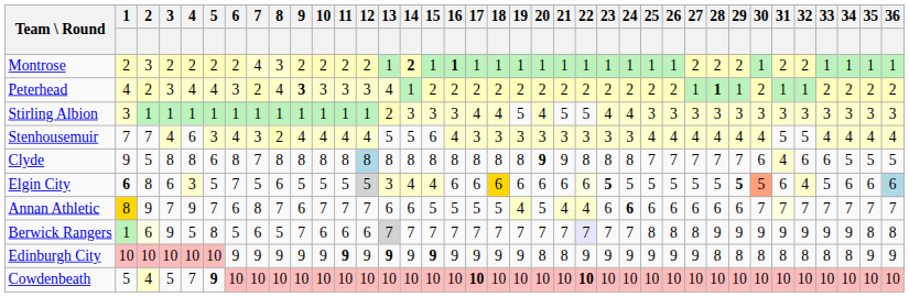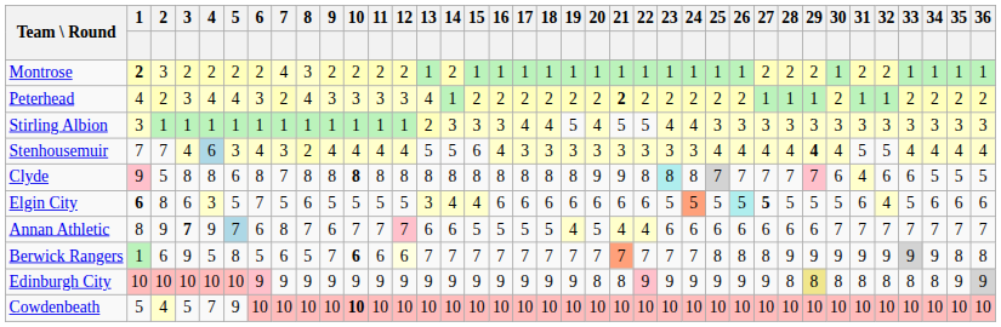 <table class="wikitable sortable" style="font-size: 100%; text-align:center;">
 <tr>
 <th rowspan="2">Team \ Round</th>
 <th align=center>1</th>
 <th align=center>2</th>
 <th align=center>3</th>
 <th align=center>4</th>
 <th align=center>5</th>
 <th align=center>6</th>
 <th align=center>7</th>
 <th align=center>8</th>
 <th align=center>9</th>
 <th align=center>10</th>
 <th align=center>11</th>
 <th align=center>12</th>
 <th align=center>13</th>
 <th align=center>14</th>
 <th align=center>15</th>
 <th align=center>16</th>
 <th align=center>17</th>
 <th align=center>18</th>
 <th align=center>19</th>
 <th align=center>20</th>
 <th align=center>21</th>
 <th align=center>22</th>
 <th align=center>23</th>
 <th align=center>24</th>
 <th align=center>25</th>
 <th align=center>26</th>
 <th align=center>27</th>
 <th align=center>28</th>
 <th align=center>29</th>
 <th align=center>30</th>
 <th align=center>31</th>
 <th align=center>32</th>
 <th align=center>33</th>
 <th align=center>34</th>
 <th align=center>35</th>
 <th align=center>36</th>
 </tr>
 <tr>
 <th style="text-align:center; height:20px;"></th>
 <th align=center></th>
 <th align=center></th>
 <th align=center></th>
 <th align=center></th>
 <th align=center></th>
 <th align=center></th>
 <th align=center></th>
 <th align=center></th>
 <th align=center></th>
 <th align=center></th>
 <th align=center></th>
 <th align=center></th>
 <th align=center></th>
 <th align=center></th>
 <th align=center></th>
 <th align=center></th>
 <th align=center></th>
 <th align=center></th>
 <th align=center></th>
 <th align=center></th>
 <th align=center></th>
 <th align=center></th>
 <th align=center></th>
 <th align=center></th>
 <th align=center></th>
 <th align=center></th>
 <th align=center></th>
 <th align=center></th>
 <th align=center></th>
 <th align=center></th>
 <th align=center></th>
 <th align=center></th>
 <th align=center></th>
 <th align=center></th>
 <th align=center></th>
 </tr>
 <tr align=center>
 <td align=left><a href='#'>Montrose</a></td>
-<td style="background:#FFFFBB">2</td>
+<td style="background:#FFFFBB"><strong>2</strong></td>
 <td style="background:#FFFFCC">3</td>
 <td style="background:#FFFFBB">2</td>
 <td style="background:#FFFFBB">2</td>
 <td style="background:#FFFFBB">2</td>
 <td style="background:#FFFFBB">2</td>
 <td style="background:#FFFFCC">4</td>
 <td style="background:#FFFFCC">3</td>
 <td style="background:#FFFFBB">2</td>
 <td style="background:#FFFFBB">2</td>
 <td style="background:#FFFFBB">2</td>
 <td style="background:#FFFFBB">2</td>
 <td style="background:#BBF3BB">1</td>
-<td style="background:#FFFFBB"><strong>2</strong></td>
+<td style="background:#FFFFBB">2</td>
 <td style="background:#BBF3BB">1</td>
-<td style="background:#BBF3BB"><strong>1</strong></td>
+<td style="background:#BBF3BB">1</td>
 <td style="background:#BBF3BB">1</td>
 <td style="background:#BBF3BB">1</td>
 <td style="background:#BBF3BB">1</td>
 <td style="background:#BBF3BB">1</td>
 <td style="background:#BBF3BB">1</td>
 <td style="background:#BBF3BB">1</td>
 <td style="background:#BBF3BB">1</td>
 <td style="background:#BBF3BB">1</td>
 <td style="background:#BBF3BB">1</td>
 <td style="background:#BBF3BB">1</td>
 <td style="background:#FFFFBB">2</td>
 <td style="background:#FFFFBB">2</td>
 <td style="background:#FFFFBB">2</td>
 <td style="background:#BBF3BB">1</td>
 <td style="background:#FFFFBB">2</td>
 <td style="background:#FFFFBB">2</td>
 <td style="background:#BBF3BB">1</td>
 <td style="background:#BBF3BB">1</td>
 <td style="background:#BBF3BB">1</td>
 <td style="background:#BBF3BB">1</td>
 </tr>
 <tr align=center>
 <td align=left><a href='#'>Peterhead</a></td>
 <td style="background:#FFFFCC">4</td>
 <td style="background:#FFFFBB">2</td>
 <td style="background:#FFFFCC">3</td>
 <td style="background:#FFFFCC">4</td>
 <td style="background:#FFFFCC">4</td>
 <td style="background:#FFFFCC">3</td>
 <td style="background:#FFFFBB">2</td>
 <td style="background:#FFFFCC">4</td>
-<td style="background:#FFFFCC"><strong>3</strong></td>
+<td style="background:#FFFFCC">3</td>
 <td style="background:#FFFFCC">3</td>
 <td style="background:#FFFFCC">3</td>
 <td style="background:#FFFFCC">3</td>
 <td style="background:#FFFFCC">4</td>
 <td style="background:#BBF3BB">1</td>
 <td style="background:#FFFFBB">2</td>
 <td style="background:#FFFFBB">2</td>
 <td style="background:#FFFFBB">2</td>
 <td style="background:#FFFFBB">2</td>
 <td style="background:#FFFFBB">2</td>
 <td style="background:#FFFFBB">2</td>
-<td style="background:#FFFFBB">2</td>
+<td style="background:#FFFFBB"><strong>2</strong></td>
 <td style="background:#FFFFBB">2</td>
 <td style="background:#FFFFBB">2</td>
 <td style="background:#FFFFBB">2</td>
 <td style="background:#FFFFBB">2</td>
 <td style="background:#FFFFBB">2</td>
 <td style="background:#BBF3BB">1</td>
-<td style="background:#BBF3BB"><strong>1</strong></td>
+<td style="background:#BBF3BB">1</td>
 <td style="background:#BBF3BB">1</td>
 <td style="background:#FFFFBB">2</td>
 <td style="background:#BBF3BB">1</td>
 <td style="background:#BBF3BB">1</td>
 <td style="background:#FFFFBB">2</td>
 <td style="background:#FFFFBB">2</td>
 <td style="background:#FFFFBB">2</td>
 <td style="background:#FFFFBB">2</td>
 </tr>
 <tr align=center>
 <td align=left><a href='#'>Stirling Albion</a></td>
 <td style="background:#FFFFCC">3</td>
 <td style="background:#BBF3BB">1</td>
 <td style="background:#BBF3BB">1</td>
 <td style="background:#BBF3BB">1</td>
 <td style="background:#BBF3BB">1</td>
 <td style="background:#BBF3BB">1</td>
 <td style="background:#BBF3BB">1</td>
 <td style="background:#BBF3BB">1</td>
 <td style="background:#BBF3BB">1</td>
 <td style="background:#BBF3BB">1</td>
 <td style="background:#BBF3BB">1</td>
 <td style="background:#BBF3BB">1</td>
 <td style="background:#FFFFBB">2</td>
 <td style="background:#FFFFCC">3</td>
 <td style="background:#FFFFCC">3</td>
 <td style="background:#FFFFCC">3</td>
 <td style="background:#FFFFCC">4</td>
 <td style="background:#FFFFCC">4</td>
 <td>5</td>
 <td style="background:#FFFFCC">4</td>
 <td>5</td>
 <td>5</td>
 <td style="background:#FFFFCC">4</td>
 <td style="background:#FFFFCC">4</td>
 <td style="background:#FFFFCC">3</td>
 <td style="background:#FFFFCC">3</td>
 <td style="background:#FFFFCC">3</td>
 <td style="background:#FFFFCC">3</td>
 <td style="background:#FFFFCC">3</td>
 <td style="background:#FFFFCC">3</td>
 <td style="background:#FFFFCC">3</td>
 <td style="background:#FFFFCC">3</td>
 <td style="background:#FFFFCC">3</td>
 <td style="background:#FFFFCC">3</td>
 <td style="background:#FFFFCC">3</td>
 <td style="background:#FFFFCC">3</td>
 </tr>
 <tr align=center>
 <td align=left><a href='#'>Stenhousemuir</a></td>
 <td>7</td>
 <td>7</td>
 <td style="background:#FFFFCC">4</td>
-<td>6</td>
+<td style="background: lightblue;">6</td>
 <td style="background:#FFFFCC">3</td>
 <td style="background:#FFFFCC">4</td>
 <td style="background:#FFFFCC">3</td>
 <td style="background:#FFFFBB">2</td>
 <td style="background:#FFFFCC">4</td>
 <td style="background:#FFFFCC">4</td>
 <td style="background:#FFFFCC">4</td>
 <td style="background:#FFFFCC">4</td>
 <td>5</td>
 <td>5</td>
 <td>6</td>
 <td style="background:#FFFFCC">4</td>
 <td style="background:#FFFFCC">3</td>
 <td style="background:#FFFFCC">3</td>
 <td style="background:#FFFFCC">3</td>
 <td style="background:#FFFFCC">3</td>
 <td style="background:#FFFFCC">3</td>
 <td style="background:#FFFFCC">3</td>
 <td style="background:#FFFFCC">3</td>
 <td style="background:#FFFFCC">3</td>
 <td style="background:#FFFFCC">4</td>
 <td style="background:#FFFFCC">4</td>
 <td style="background:#FFFFCC">4</td>
 <td style="background:#FFFFCC">4</td>
-<td style="background:#FFFFCC">4</td>
+<td style="background:#FFFFCC"><strong>4</strong></td>
 <td style="background:#FFFFCC">4</td>
 <td>5</td>
 <td>5</td>
 <td style="background:#FFFFCC">4</td>
 <td style="background:#FFFFCC">4</td>
 <td style="background:#FFFFCC">4</td>
 <td style="background:#FFFFCC">4</td>
 </tr>
 <tr align=center>
 <td align=left><a href='#'>Clyde</a></td>
-<td>9</td>
+<td style="background: pink;">9</td>
 <td>5</td>
 <td>8</td>
 <td>8</td>
 <td>6</td>
 <td>8</td>
 <td>7</td>
 <td>8</td>
 <td>8</td>
-<td>8</td>
-<td>8</td>
-<td style="background: lightblue;">8</td>
+<td><strong>8</strong></td>
 <td>8</td>
 <td>8</td>
 <td>8</td>
 <td>8</td>
 <td>8</td>
 <td>8</td>
 <td>8</td>
-<td><strong>9</strong></td>
+<td>8</td>
+<td>8</td>
+<td>9</td>
 <td>9</td>
 <td>8</td>
+<td style="background: paleturquoise;">8</td>
 <td>8</td>
-<td>8</td>
+<td style="background: lightgrey;">7</td>
 <td>7</td>
 <td>7</td>
 <td>7</td>
-<td>7</td>
-<td>7</td>
+<td style="background: pink;">7</td>
 <td>6</td>
 <td style="background:#FFFFCC">4</td>
 <td>6</td>
 <td>6</td>
 <td>5</td>
 <td>5</td>
 <td>5</td>
 </tr>
 <tr align=center>
 <td align=left><a href='#'>Elgin City</a></td>
 <td><strong>6</strong></td>
 <td>8</td>
 <td>6</td>
 <td style="background:#FFFFCC">3</td>
 <td>5</td>
 <td>7</td>
 <td>5</td>
 <td>6</td>
 <td>5</td>
 <td>5</td>
 <td>5</td>
-<td style="background: lightgrey;">5</td>
+<td>5</td>
 <td style="background:#FFFFCC">3</td>
 <td style="background:#FFFFCC">4</td>
 <td style="background:#FFFFCC">4</td>
 <td>6</td>
 <td>6</td>
-<td style="background: gold;">6</td>
 <td>6</td>
 <td>6</td>
 <td>6</td>
-<td style="background: lightyellow;">6</td>
+<td>6</td>
+<td>6</td>
+<td>5</td>
+<td style="background: lightsalmon;">5</td>
+<td>5</td>
+<td style="background: paleturquoise;">5</td>
 <td><strong>5</strong></td>
 <td>5</td>
 <td>5</td>
 <td>5</td>
-<td>5</td>
-<td>5</td>
-<td><strong>5</strong></td>
-<td style="background: lightsalmon;">5</td>
 <td>6</td>
 <td style="background:#FFFFCC">4</td>
 <td>5</td>
 <td>6</td>
 <td>6</td>
-<td style="background: lightblue;">6</td>
+<td>6</td>
 </tr>
 <tr align=center>
 <td align=left><a href='#'>Annan Athletic</a></td>
-<td style="background: gold;">8</td>
+<td>8</td>
 <td>9</td>
-<td>7</td>
+<td><strong>7</strong></td>
 <td>9</td>
-<td>7</td>
+<td style="background: lightblue;">7</td>
 <td>6</td>
 <td>8</td>
 <td>7</td>
 <td>6</td>
 <td>7</td>
 <td>7</td>
-<td>7</td>
+<td style="background: pink;">7</td>
 <td>6</td>
 <td>6</td>
 <td>5</td>
 <td>5</td>
 <td>5</td>
 <td>5</td>
 <td style="background:#FFFFCC">4</td>
 <td>5</td>
 <td style="background:#FFFFCC">4</td>
 <td style="background:#FFFFCC">4</td>
 <td>6</td>
-<td><strong>6</strong></td>
+<td>6</td>
 <td>6</td>
 <td>6</td>
 <td>6</td>
 <td>6</td>
 <td>6</td>
 <td>7</td>
-<td style="background: lightyellow;">7</td>
+<td>7</td>
 <td>7</td>
 <td>7</td>
 <td>7</td>
 <td>7</td>
 <td>7</td>
 </tr>
 <tr align=center>
 <td align=left><a href='#'>Berwick Rangers</a></td>
 <td style="background:#BBF3BB">1</td>
-<td style="background: lightyellow;">6</td>
+<td>6</td>
 <td>9</td>
 <td>5</td>
 <td>8</td>
 <td>5</td>
 <td>6</td>
 <td>5</td>
 <td>7</td>
+<td><strong>6</strong></td>
 <td>6</td>
-<td>6</td>
-<td>6</td>
-<td style="background: lightgrey;">7</td>
+<td style="background: lightyellow;">6</td>
 <td>7</td>
 <td>7</td>
 <td>7</td>
 <td>7</td>
 <td>7</td>
 <td>7</td>
 <td>7</td>
 <td>7</td>
-<td style="background: lavender;">7</td>
+<td style="background: lightsalmon;">7</td>
+<td>7</td>
 <td>7</td>
 <td>7</td>
 <td>8</td>
 <td>8</td>
 <td>8</td>
 <td>9</td>
 <td>9</td>
 <td>9</td>
 <td>9</td>
 <td>9</td>
-<td>9</td>
+<td style="background: lightgrey;">9</td>
 <td>9</td>
 <td>8</td>
 <td>8</td>
 </tr>
 <tr align=center>
 <td align=left><a href='#'>Edinburgh City</a></td>
 <td style="background:#FFBBBB">10</td>
 <td style="background:#FFBBBB">10</td>
 <td style="background:#FFBBBB">10</td>
 <td style="background:#FFBBBB">10</td>
 <td style="background:#FFBBBB">10</td>
+<td style="background: pink;">9</td>
 <td>9</td>
 <td>9</td>
 <td>9</td>
 <td>9</td>
 <td>9</td>
-<td><strong>9</strong></td>
-<td>9</td>
-<td><strong>9</strong></td>
-<td>9</td>
-<td><strong>9</strong></td>
 <td>9</td>
 <td>9</td>
-<td>9</td>
-<td>9</td>
-<td>8</td>
-<td>8</td>
 <td>9</td>
 <td>9</td>
 <td>9</td>
 <td>9</td>
 <td>9</td>
 <td>9</td>
 <td>8</td>
 <td>8</td>
+<td style="background: pink;">9</td>
+<td>9</td>
+<td>9</td>
+<td>9</td>
+<td>9</td>
+<td>9</td>
+<td>8</td>
+<td style="background: khaki;">8</td>
 <td>8</td>
 <td>8</td>
 <td>8</td>
 <td>8</td>
 <td>8</td>
 <td>9</td>
-<td>9</td>
+<td style="background: lightgrey;">9</td>
 </tr>
 <tr align=center>
 <td align=left><a href='#'>Cowdenbeath</a></td>
 <td>5</td>
 <td style="background:#FFFFCC">4</td>
 <td>5</td>
 <td>7</td>
-<td><strong>9</strong></td>
-<td style="background:#FFBBBB">10</td>
-<td style="background:#FFBBBB">10</td>
-<td style="background:#FFBBBB">10</td>
-<td style="background:#FFBBBB">10</td>
-<td style="background:#FFBBBB">10</td>
-<td style="background:#FFBBBB">10</td>
-<td style="background:#FFBBBB">10</td>
-<td style="background:#FFBBBB">10</td>
-<td style="background:#FFBBBB">10</td>
-<td style="background:#FFBBBB">10</td>
-<td style="background:#FFBBBB">10</td>
-<td style="background:#FFBBBB"><strong>10</strong></td>
+<td>9</td>
 <td style="background:#FFBBBB">10</td>
 <td style="background:#FFBBBB">10</td>
 <td style="background:#FFBBBB">10</td>
 <td style="background:#FFBBBB">10</td>
 <td style="background:#FFBBBB"><strong>10</strong></td>
 <td style="background:#FFBBBB">10</td>
 <td style="background:#FFBBBB">10</td>
 <td style="background:#FFBBBB">10</td>
 <td style="background:#FFBBBB">10</td>
 <td style="background:#FFBBBB">10</td>
 <td style="background:#FFBBBB">10</td>
 <td style="background:#FFBBBB">10</td>
 <td style="background:#FFBBBB">10</td>
 <td style="background:#FFBBBB">10</td>
 <td style="background:#FFBBBB">10</td>
 <td style="background:#FFBBBB">10</td>
 <td style="background:#FFBBBB">10</td>
 <td style="background:#FFBBBB">10</td>
 <td style="background:#FFBBBB">10</td>
+<td style="background:#FFBBBB">10</td>
+<td style="background:#FFBBBB">10</td>
+<td style="background:#FFBBBB">10</td>
+<td style="background:#FFBBBB">10</td>
+<td style="background:#FFBBBB">10</td>
+<td style="background:#FFBBBB">10</td>
+<td style="background:#FFBBBB">10</td>
+<td style="background:#FFBBBB">10</td>
+<td style="background:#FFBBBB">10</td>
+<td style="background:#FFBBBB">10</td>
+<td style="background:#FFBBBB">10</td>
+<td style="background:#FFBBBB">10</td>
 </tr>
 </table>
